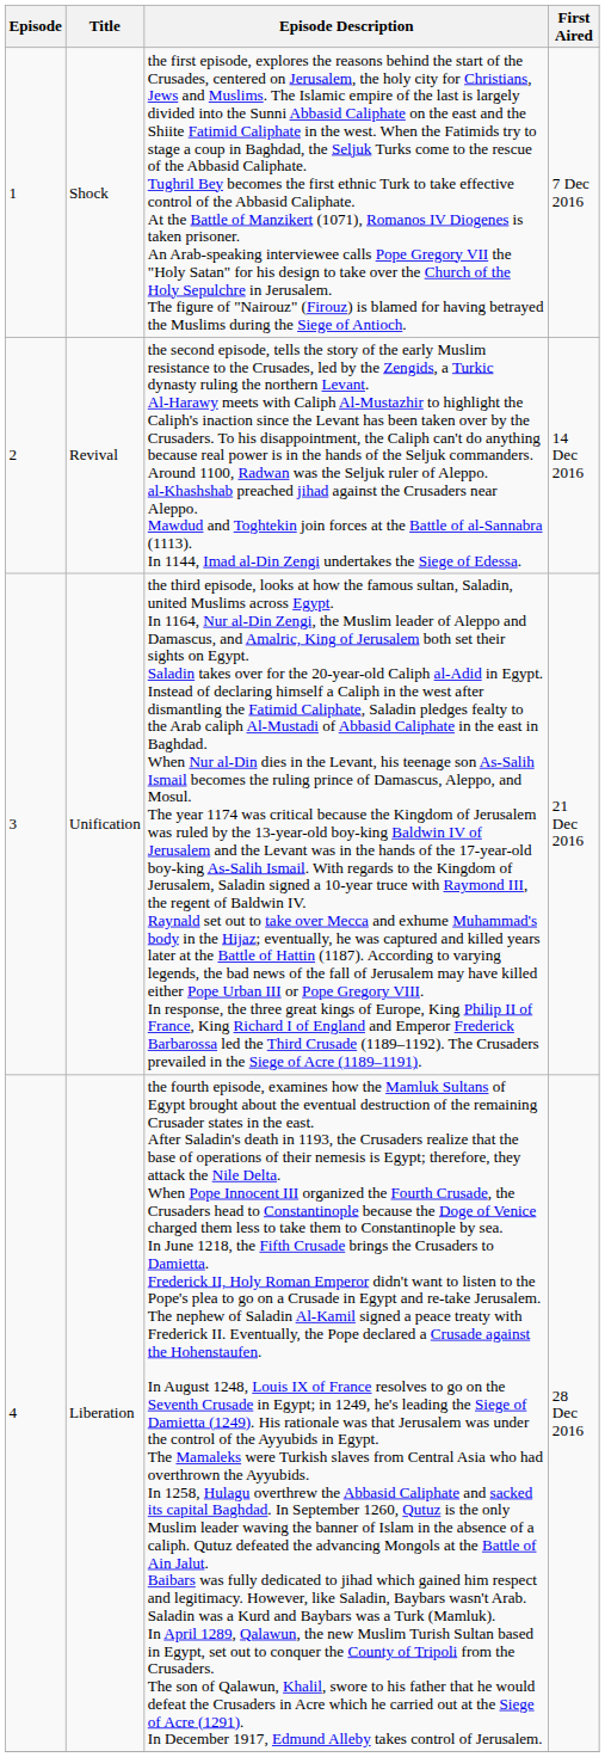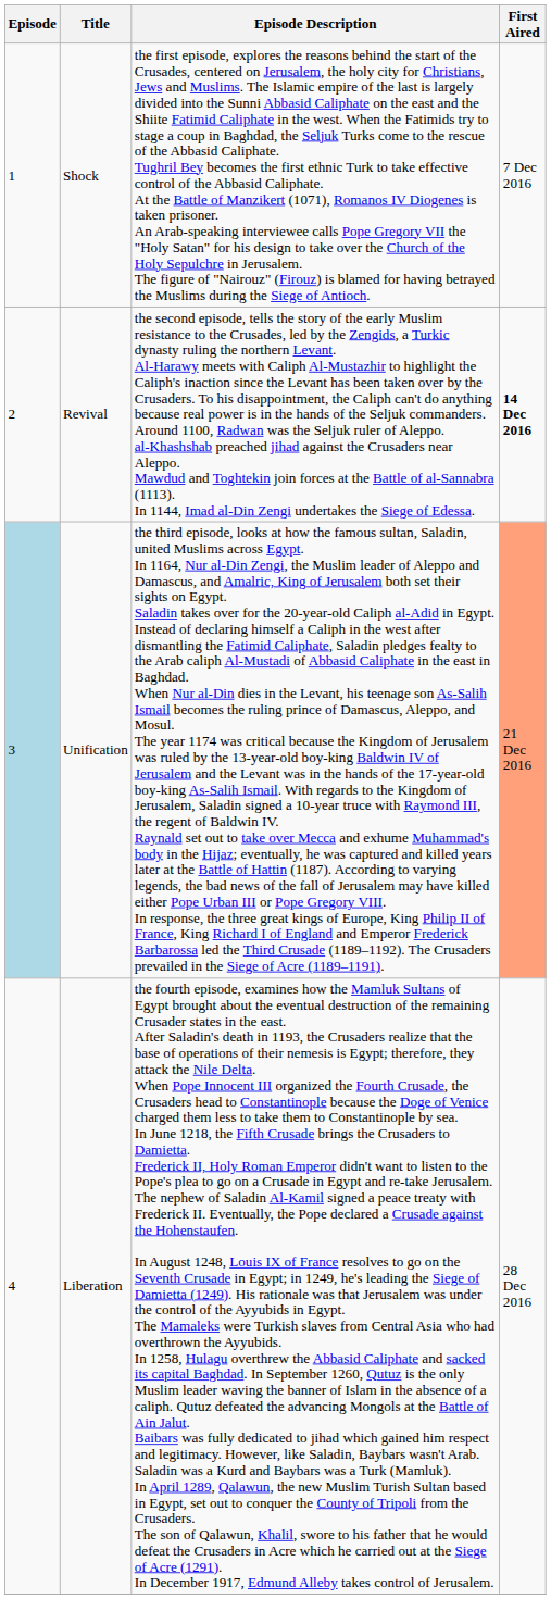 <table class="wikitable" border="1">
 <tr>
 <th>Episode</th>
 <th>Title</th>
 <th>Episode Description</th>
 <th>First Aired</th>
 </tr>
 <tr>
 <td>1</td>
 <td>Shock</td>
 <td>the first episode, explores the reasons behind the start of the Crusades, centered on <a href='#'>Jerusalem</a>, the holy city for <a href='#'>Christians</a>, <a href='#'>Jews</a> and <a href='#'>Muslims</a>. The Islamic empire of the last is largely divided into the Sunni <a href='#'>Abbasid Caliphate</a> on the east and the Shiite <a href='#'>Fatimid Caliphate</a> in the west. When the Fatimids try to stage a coup in Baghdad, the <a href='#'>Seljuk</a> Turks come to the rescue of the Abbasid Caliphate.<br><a href='#'>Tughril Bey</a> becomes the first ethnic Turk to take effective control of the Abbasid Caliphate.<br>At the <a href='#'>Battle of Manzikert</a> (1071), <a href='#'>Romanos IV Diogenes</a> is taken prisoner.<br>An Arab-speaking interviewee calls <a href='#'>Pope Gregory VII</a> the "Holy Satan" for his design to take over the <a href='#'>Church of the Holy Sepulchre</a> in Jerusalem.<br>The figure of "Nairouz" (<a href='#'>Firouz</a>) is blamed for having betrayed the Muslims during the <a href='#'>Siege of Antioch</a>.</td>
 <td>7 Dec 2016</td>
 </tr>
 <tr>
 <td>2</td>
 <td>Revival</td>
 <td>the second episode, tells the story of the early Muslim resistance to the Crusades, led by the <a href='#'>Zengids</a>, a <a href='#'>Turkic</a> dynasty ruling the northern <a href='#'>Levant</a>.<br><a href='#'>Al-Harawy</a> meets with Caliph <a href='#'>Al-Mustazhir</a> to highlight the Caliph's inaction since the Levant has been taken over by the Crusaders. To his disappointment, the Caliph can't do anything because real power is in the hands of the Seljuk commanders.<br>Around 1100, <a href='#'>Radwan</a> was the Seljuk ruler of Aleppo.<br><a href='#'>al-Khashshab</a> preached <a href='#'>jihad</a> against the Crusaders near Aleppo.<br><a href='#'>Mawdud</a> and <a href='#'>Toghtekin</a> join forces at the <a href='#'>Battle of al-Sannabra</a> (1113).<br>In 1144, <a href='#'>Imad al-Din Zengi</a> undertakes the <a href='#'>Siege of Edessa</a>.</td>
-<td>14 Dec 2016</td>
+<td><strong>14 Dec 2016</strong></td>
 </tr>
 <tr>
-<td>3</td>
+<td style="background: lightblue;">3</td>
 <td>Unification</td>
 <td>the third episode, looks at how the famous sultan, Saladin, united Muslims across <a href='#'>Egypt</a>.<br>In 1164, <a href='#'>Nur al-Din Zengi</a>, the Muslim leader of Aleppo and Damascus, and <a href='#'>Amalric, King of Jerusalem</a> both set their sights on Egypt.<br><a href='#'>Saladin</a> takes over for the 20-year-old Caliph <a href='#'>al-Adid</a> in Egypt. Instead of declaring himself a Caliph in the west after dismantling the <a href='#'>Fatimid Caliphate</a>, Saladin pledges fealty to the Arab caliph <a href='#'>Al-Mustadi</a> of <a href='#'>Abbasid Caliphate</a> in the east in Baghdad.<br>When <a href='#'>Nur al-Din</a> dies in the Levant, his teenage son <a href='#'>As-Salih Ismail</a> becomes the ruling prince of Damascus, Aleppo, and Mosul.<br>The year 1174 was critical because the Kingdom of Jerusalem was ruled by the 13-year-old boy-king <a href='#'>Baldwin IV of Jerusalem</a> and the Levant was in the hands of the 17-year-old boy-king <a href='#'>As-Salih Ismail</a>. With regards to the Kingdom of Jerusalem, Saladin signed a 10-year truce with <a href='#'>Raymond III</a>, the regent of Baldwin IV.<br><a href='#'>Raynald</a> set out to <a href='#'>take over Mecca</a> and exhume <a href='#'>Muhammad's body</a> in the <a href='#'>Hijaz</a>; eventually, he was captured and killed years later at the <a href='#'>Battle of Hattin</a> (1187). According to varying legends, the bad news of the fall of Jerusalem may have killed either <a href='#'>Pope Urban III</a> or <a href='#'>Pope Gregory VIII</a>.<br>In response, the three great kings of Europe, King <a href='#'>Philip II of France</a>, King <a href='#'>Richard I of England</a> and Emperor <a href='#'>Frederick Barbarossa</a> led the <a href='#'>Third Crusade</a> (1189–1192). The Crusaders prevailed in the <a href='#'>Siege of Acre (1189–1191)</a>.</td>
-<td>21 Dec 2016</td>
+<td style="background: lightsalmon;">21 Dec 2016</td>
 </tr>
 <tr>
 <td>4</td>
 <td>Liberation</td>
 <td>the fourth episode, examines how the <a href='#'>Mamluk Sultans</a> of Egypt brought about the eventual destruction of the remaining Crusader states in the east.<br>After Saladin's death in 1193, the Crusaders realize that the base of operations of their nemesis is Egypt; therefore, they attack the <a href='#'>Nile Delta</a>.<br>When <a href='#'>Pope Innocent III</a> organized the <a href='#'>Fourth Crusade</a>, the Crusaders head to <a href='#'>Constantinople</a> because the <a href='#'>Doge of Venice</a> charged them less to take them to Constantinople by sea.<br>In June 1218, the <a href='#'>Fifth Crusade</a> brings the Crusaders to <a href='#'>Damietta</a>.<br><a href='#'>Frederick II, Holy Roman Emperor</a> didn't want to listen to the Pope's plea to go on a Crusade in Egypt and re-take Jerusalem. The nephew of Saladin <a href='#'>Al-Kamil</a> signed a peace treaty with Frederick II. Eventually, the Pope declared a <a href='#'>Crusade against the Hohenstaufen</a>.<br><br>In August 1248, <a href='#'>Louis IX of France</a> resolves to go on the <a href='#'>Seventh Crusade</a> in Egypt; in 1249, he's leading the <a href='#'>Siege of Damietta (1249)</a>. His rationale was that Jerusalem was under the control of the Ayyubids in Egypt.<br>The <a href='#'>Mamaleks</a> were Turkish slaves from Central Asia who had overthrown the Ayyubids.<br>In 1258, <a href='#'>Hulagu</a> overthrew the <a href='#'>Abbasid Caliphate</a> and <a href='#'>sacked its capital Baghdad</a>. In September 1260, <a href='#'>Qutuz</a> is the only Muslim leader waving the banner of Islam in the absence of a caliph. Qutuz defeated the advancing Mongols at the <a href='#'>Battle of Ain Jalut</a>.<br><a href='#'>Baibars</a> was fully dedicated to jihad which gained him respect and legitimacy. However, like Saladin, Baybars wasn't Arab. Saladin was a Kurd and Baybars was a Turk (Mamluk).<br>In <a href='#'>April 1289</a>, <a href='#'>Qalawun</a>, the new Muslim Turish Sultan based in Egypt, set out to conquer the <a href='#'>County of Tripoli</a> from the Crusaders.<br>The son of Qalawun, <a href='#'>Khalil</a>, swore to his father that he would defeat the Crusaders in Acre which he carried out at the <a href='#'>Siege of Acre (1291)</a>.<br>In December 1917, <a href='#'>Edmund Alleby</a> takes control of Jerusalem.</td>
 <td>28 Dec 2016</td>
 </tr>
 <tr>
 </tr>
 </table>
